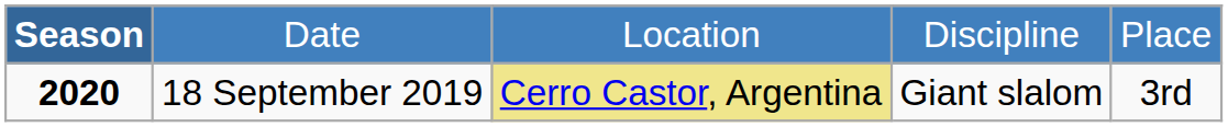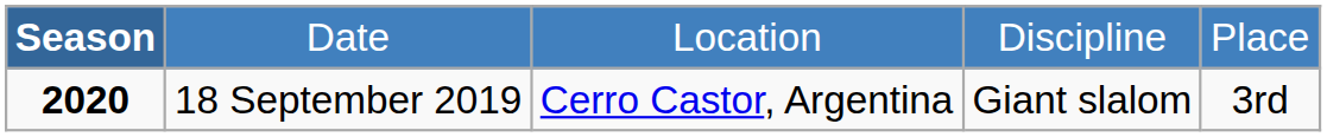 <table class="wikitable" style="font-size:95%; text-align:center; border:grey solid 1px; border-collapse:collapse;" width="40%">
 <tr style="background-color:#369; color:white;">
 <td rowspan="2" colspan="1" width="5%"><strong>Season</strong></td>
 </tr>
 <tr style="background-color:#4180be; color:white;">
 <td>Date</td>
 <td>Location</td>
 <td>Discipline</td>
 <td>Place</td>
 </tr>
 <tr>
 <td><strong>2020</strong></td>
 <td align=right>18 September 2019</td>
-<td align=left style="background: khaki;"> <a href='#'>Cerro Castor</a>, Argentina</td>
+<td align=left> <a href='#'>Cerro Castor</a>, Argentina</td>
 <td>Giant slalom</td>
 <td>3rd</td>
 </tr>
 </table>
